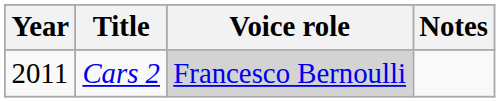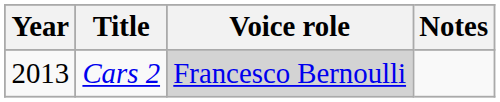 <table class="wikitable">
 <tr>
 <th>Year</th>
 <th>Title</th>
 <th>Voice role</th>
 <th>Notes</th>
 </tr>
 <tr>
-<td>2011</td>
+<td>2013</td>
 <td><em><a href='#'>Cars 2</a></em></td>
 <td style="background: lightgrey;"><a href='#'>Francesco Bernoulli</a></td>
 <td></td>
 </tr>
 </table>
